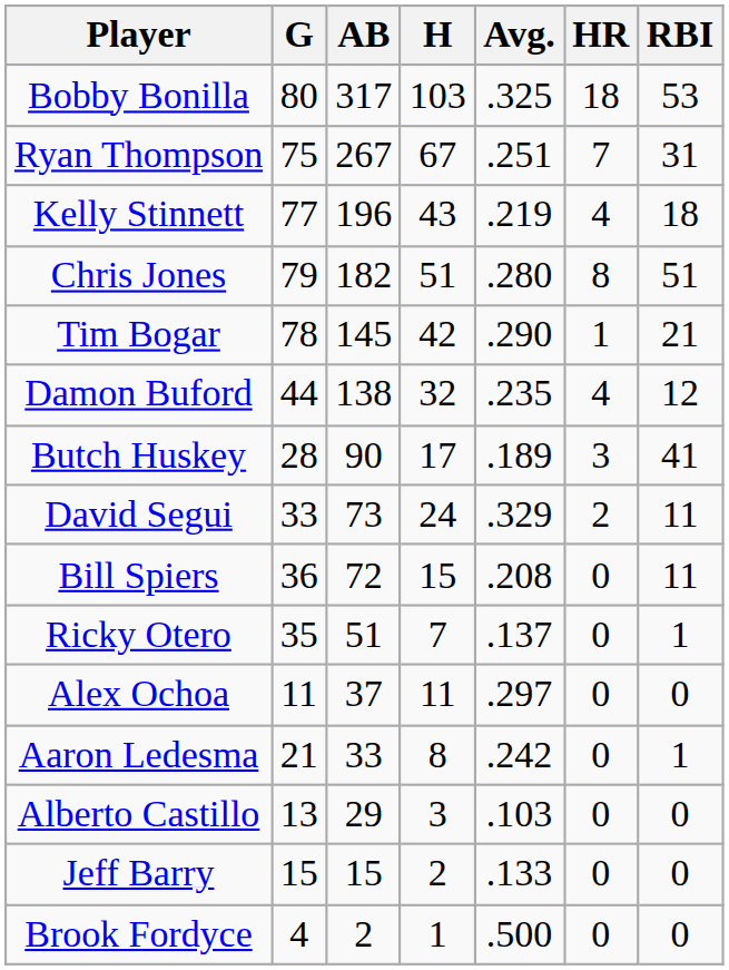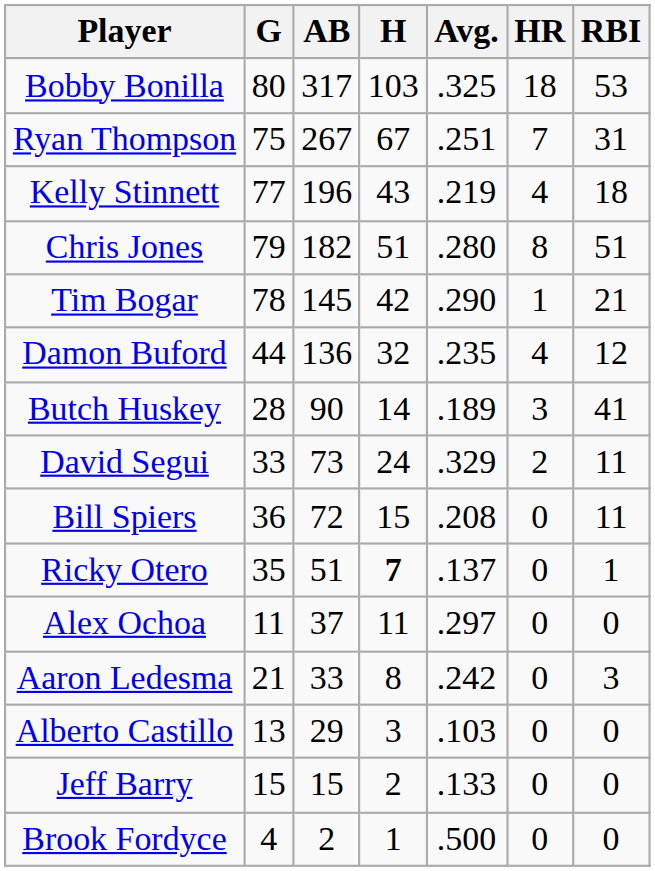 <table class="wikitable sortable">
 <tr>
 <th>Player</th>
 <th>G</th>
 <th>AB</th>
 <th>H</th>
 <th>Avg.</th>
 <th>HR</th>
 <th>RBI</th>
 </tr>
 <tr align=center>
 <td><a href='#'>Bobby Bonilla</a></td>
 <td>80</td>
 <td>317</td>
 <td>103</td>
 <td>.325</td>
 <td>18</td>
 <td>53</td>
 </tr>
 <tr align=center>
 <td><a href='#'>Ryan Thompson</a></td>
 <td>75</td>
 <td>267</td>
 <td>67</td>
 <td>.251</td>
 <td>7</td>
 <td>31</td>
 </tr>
 <tr align=center>
 <td><a href='#'>Kelly Stinnett</a></td>
 <td>77</td>
 <td>196</td>
 <td>43</td>
 <td>.219</td>
 <td>4</td>
 <td>18</td>
 </tr>
 <tr align=center>
 <td><a href='#'>Chris Jones</a></td>
 <td>79</td>
 <td>182</td>
 <td>51</td>
 <td>.280</td>
 <td>8</td>
 <td>51</td>
 </tr>
 <tr align=center>
 <td><a href='#'>Tim Bogar</a></td>
 <td>78</td>
 <td>145</td>
 <td>42</td>
 <td>.290</td>
 <td>1</td>
 <td>21</td>
 </tr>
 <tr align=center>
 <td><a href='#'>Damon Buford</a></td>
 <td>44</td>
-<td>138</td>
+<td>136</td>
 <td>32</td>
 <td>.235</td>
 <td>4</td>
 <td>12</td>
 </tr>
 <tr align=center>
 <td><a href='#'>Butch Huskey</a></td>
 <td>28</td>
 <td>90</td>
-<td>17</td>
+<td>14</td>
 <td>.189</td>
 <td>3</td>
 <td>41</td>
 </tr>
 <tr align=center>
 <td><a href='#'>David Segui</a></td>
 <td>33</td>
 <td>73</td>
 <td>24</td>
 <td>.329</td>
 <td>2</td>
 <td>11</td>
 </tr>
 <tr align=center>
 <td><a href='#'>Bill Spiers</a></td>
 <td>36</td>
 <td>72</td>
 <td>15</td>
 <td>.208</td>
 <td>0</td>
 <td>11</td>
 </tr>
 <tr align=center>
 <td><a href='#'>Ricky Otero</a></td>
 <td>35</td>
 <td>51</td>
-<td>7</td>
+<td><strong>7</strong></td>
 <td>.137</td>
 <td>0</td>
 <td>1</td>
 </tr>
 <tr align=center>
 <td><a href='#'>Alex Ochoa</a></td>
 <td>11</td>
 <td>37</td>
 <td>11</td>
 <td>.297</td>
 <td>0</td>
 <td>0</td>
 </tr>
 <tr align=center>
 <td><a href='#'>Aaron Ledesma</a></td>
 <td>21</td>
 <td>33</td>
 <td>8</td>
 <td>.242</td>
 <td>0</td>
-<td>1</td>
+<td>3</td>
 </tr>
 <tr align=center>
 <td><a href='#'>Alberto Castillo</a></td>
 <td>13</td>
 <td>29</td>
 <td>3</td>
 <td>.103</td>
 <td>0</td>
 <td>0</td>
 </tr>
 <tr align=center>
 <td><a href='#'>Jeff Barry</a></td>
 <td>15</td>
 <td>15</td>
 <td>2</td>
 <td>.133</td>
 <td>0</td>
 <td>0</td>
 </tr>
 <tr align=center>
 <td><a href='#'>Brook Fordyce</a></td>
 <td>4</td>
 <td>2</td>
 <td>1</td>
 <td>.500</td>
 <td>0</td>
 <td>0</td>
 </tr>
 </table>
